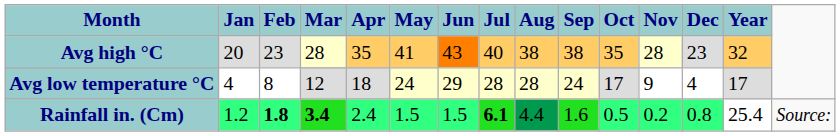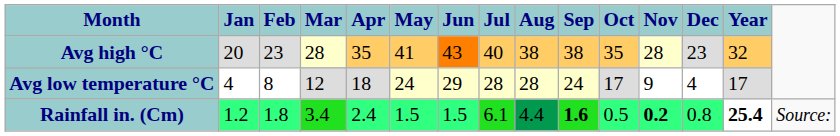 <table class="wikitable" style="margin:1em auto">
 <tr>
 <th style="background:#9cc; color:navy; height:17px;">Month</th>
 <th style="background:#9cc; color:navy;">Jan</th>
 <th style="background:#9cc; color:navy;">Feb</th>
 <th style="background:#9cc; color:navy;">Mar</th>
 <th style="background:#9cc; color:navy;">Apr</th>
 <th style="background:#9cc; color:navy;">May</th>
 <th style="background:#9cc; color:navy;">Jun</th>
 <th style="background:#9cc; color:navy;">Jul</th>
 <th style="background:#9cc; color:navy;">Aug</th>
 <th style="background:#9cc; color:navy;">Sep</th>
 <th style="background:#9cc; color:navy;">Oct</th>
 <th style="background:#9cc; color:navy;">Nov</th>
 <th style="background:#9cc; color:navy;">Dec</th>
 <th style="background:#9cc; color:navy;">Year</th>
 </tr>
 <tr>
 <th style="background:#9cc; color:navy;">Avg high °C</th>
 <td style="background:#ddd; color:#000;">20</td>
 <td style="background:#ddd; color:#000;">23</td>
 <td style="background:#ffc; color:#000;">28</td>
 <td style="background:#fc6; color:#000;">35</td>
 <td style="background:#fc6; color:#000;">41</td>
 <td style="background:#ff8000; color:#000;">43</td>
 <td style="background:#fc6; color:#000;">40</td>
 <td style="background:#fc6; color:#000;">38</td>
 <td style="background:#fc6; color:#000;">38</td>
 <td style="background:#fc6; color:#000;">35</td>
 <td style="background:#ffc; color:#000;">28</td>
 <td style="background:#ddd; color:#000;">23</td>
 <td style="background:#fc6; color:#000;">32</td>
 </tr>
 <tr>
 <th style="background:#9cc; color:navy; height:16px;">Avg low temperature °C</th>
 <td style="background:#fff; color:black;">4</td>
 <td style="background:#fff; color:black;">8</td>
 <td style="background:#ddd; color:black;">12</td>
 <td style="background:#ddd; color:black;">18</td>
 <td style="background:#ffc; color:black;">24</td>
 <td style="background:#ffc; color:black;">29</td>
 <td style="background:#ffc; color:black;">28</td>
 <td style="background:#ffc; color:black;">28</td>
 <td style="background:#ffc; color:black;">24</td>
 <td style="background:#ddd; color:black;">17</td>
 <td style="background:#fff; color:black;">9</td>
 <td style="background:#fff; color:black;">4</td>
 <td style="background:#ddd; color:black;">17</td>
 </tr>
 <tr>
 <th style="background:#9cc; color:navy;">Rainfall in. (Cm)</th>
 <td style="background: #30FF80;">1.2</td>
-<td style="background: #30FF80;"><strong>1.8</strong></td>
-<td style="background: #20E020;"><strong>3.4</strong></td>
+<td style="background: #30FF80;">1.8</td>
+<td style="background: #20E020;">3.4</td>
 <td style="background: #30FF80;">2.4</td>
 <td style="background: #30FF80;">1.5</td>
 <td style="background: #30FF80;">1.5</td>
-<td style="background: #20E020;"><strong>6.1</strong></td>
+<td style="background: #20E020;">6.1</td>
 <td style="background: #00994D;">4.4</td>
-<td style="background: #20E020;">1.6</td>
+<td style="background: #20E020;"><strong>1.6</strong></td>
 <td style="background: #30FF80;">0.5</td>
-<td style="background: #30FF80;">0.2</td>
+<td style="background: #30FF80;"><strong>0.2</strong></td>
 <td style="background: #30FF80;">0.8</td>
-<td style="background:#fff;">25.4</td>
+<td style="background:#fff;"><strong>25.4</strong></td>
 <td colspan="14" style="text-align:center;font-size:90%;"><em>Source: </em></td>
 </tr>
 </table>
